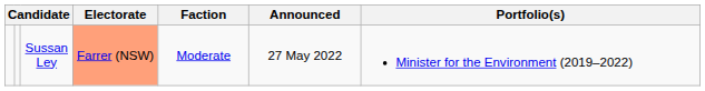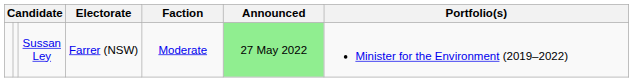 <table class="wikitable" style="text-align:center">
 <tr>
 <th width=175px; colspan=3>Candidate</th>
 <th width=115px>Electorate</th>
 <th width=135px>Faction</th>
 <th width=165px>Announced</th>
 <th width=630px>Portfolio(s)</th>
 </tr>
 <tr>
 <td width="3pt" > </td>
 <td></td>
 <td><a href='#'>Sussan Ley</a></td>
-<td style="background: lightsalmon;"><a href='#'>Farrer</a> (NSW)</td>
+<td><a href='#'>Farrer</a> (NSW)</td>
 <td><a href='#'>Moderate</a></td>
-<td>27 May 2022</td>
+<td style="background: lightgreen;">27 May 2022</td>
 <td align=left><br><ul><li><a href='#'>Minister for the Environment</a> (2019–2022)</li></ul></td>
 </tr>
 </table>
